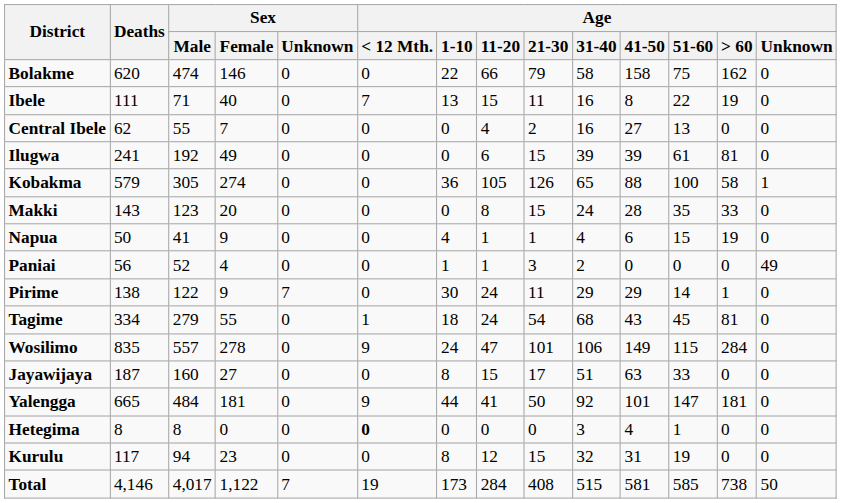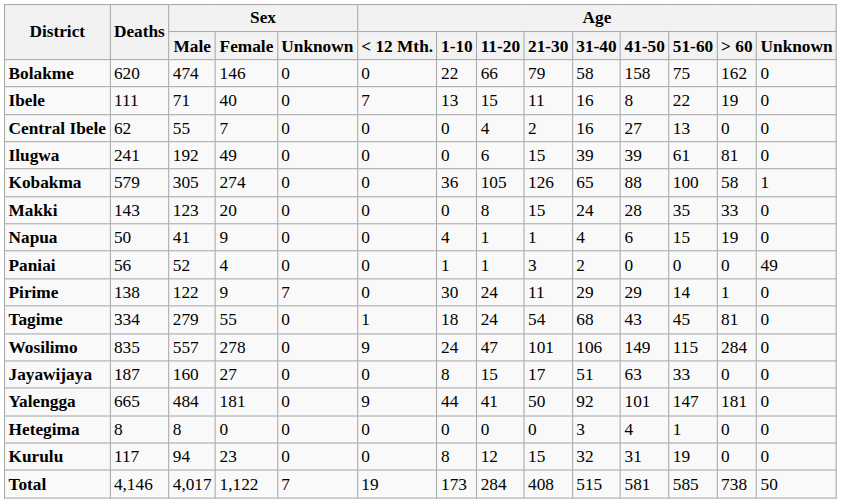 <table class="wikitable">
 <tr>
 <th rowspan="2">District</th>
 <th rowspan="2">Deaths</th>
 <th colspan="3">Sex</th>
 <th colspan="9">Age</th>
 </tr>
 <tr>
 <th>Male</th>
 <th>Female</th>
 <th>Unknown</th>
 <th>< 12 Mth.</th>
 <th>1-10</th>
 <th>11-20</th>
 <th>21-30</th>
 <th>31-40</th>
 <th>41-50</th>
 <th>51-60</th>
 <th>> 60</th>
 <th>Unknown</th>
 </tr>
 <tr>
 <td><strong>Bolakme</strong></td>
 <td>620</td>
 <td>474</td>
 <td>146</td>
 <td>0</td>
 <td>0</td>
 <td>22</td>
 <td>66</td>
 <td>79</td>
 <td>58</td>
 <td>158</td>
 <td>75</td>
 <td>162</td>
 <td>0</td>
 </tr>
 <tr>
 <td><strong>Ibele</strong></td>
 <td>111</td>
 <td>71</td>
 <td>40</td>
 <td>0</td>
 <td>7</td>
 <td>13</td>
 <td>15</td>
 <td>11</td>
 <td>16</td>
 <td>8</td>
 <td>22</td>
 <td>19</td>
 <td>0</td>
 </tr>
 <tr>
 <td><strong>Central Ibele</strong></td>
 <td>62</td>
 <td>55</td>
 <td>7</td>
 <td>0</td>
 <td>0</td>
 <td>0</td>
 <td>4</td>
 <td>2</td>
 <td>16</td>
 <td>27</td>
 <td>13</td>
 <td>0</td>
 <td>0</td>
 </tr>
 <tr>
 <td><strong>Ilugwa</strong></td>
 <td>241</td>
 <td>192</td>
 <td>49</td>
 <td>0</td>
 <td>0</td>
 <td>0</td>
 <td>6</td>
 <td>15</td>
 <td>39</td>
 <td>39</td>
 <td>61</td>
 <td>81</td>
 <td>0</td>
 </tr>
 <tr>
 <td><strong>Kobakma</strong></td>
 <td>579</td>
 <td>305</td>
 <td>274</td>
 <td>0</td>
 <td>0</td>
 <td>36</td>
 <td>105</td>
 <td>126</td>
 <td>65</td>
 <td>88</td>
 <td>100</td>
 <td>58</td>
 <td>1</td>
 </tr>
 <tr>
 <td><strong>Makki</strong></td>
 <td>143</td>
 <td>123</td>
 <td>20</td>
 <td>0</td>
 <td>0</td>
 <td>0</td>
 <td>8</td>
 <td>15</td>
 <td>24</td>
 <td>28</td>
 <td>35</td>
 <td>33</td>
 <td>0</td>
 </tr>
 <tr>
 <td><strong>Napua</strong></td>
 <td>50</td>
 <td>41</td>
 <td>9</td>
 <td>0</td>
 <td>0</td>
 <td>4</td>
 <td>1</td>
 <td>1</td>
 <td>4</td>
 <td>6</td>
 <td>15</td>
 <td>19</td>
 <td>0</td>
 </tr>
 <tr>
 <td><strong>Paniai</strong></td>
 <td>56</td>
 <td>52</td>
 <td>4</td>
 <td>0</td>
 <td>0</td>
 <td>1</td>
 <td>1</td>
 <td>3</td>
 <td>2</td>
 <td>0</td>
 <td>0</td>
 <td>0</td>
 <td>49</td>
 </tr>
 <tr>
 <td><strong>Pirime</strong></td>
 <td>138</td>
 <td>122</td>
 <td>9</td>
 <td>7</td>
 <td>0</td>
 <td>30</td>
 <td>24</td>
 <td>11</td>
 <td>29</td>
 <td>29</td>
 <td>14</td>
 <td>1</td>
 <td>0</td>
 </tr>
 <tr>
 <td><strong>Tagime</strong></td>
 <td>334</td>
 <td>279</td>
 <td>55</td>
 <td>0</td>
 <td>1</td>
 <td>18</td>
 <td>24</td>
 <td>54</td>
 <td>68</td>
 <td>43</td>
 <td>45</td>
 <td>81</td>
 <td>0</td>
 </tr>
 <tr>
 <td><strong>Wosilimo</strong></td>
 <td>835</td>
 <td>557</td>
 <td>278</td>
 <td>0</td>
 <td>9</td>
 <td>24</td>
 <td>47</td>
 <td>101</td>
 <td>106</td>
 <td>149</td>
 <td>115</td>
 <td>284</td>
 <td>0</td>
 </tr>
 <tr>
 <td><strong>Jayawijaya</strong></td>
 <td>187</td>
 <td>160</td>
 <td>27</td>
 <td>0</td>
 <td>0</td>
 <td>8</td>
 <td>15</td>
 <td>17</td>
 <td>51</td>
 <td>63</td>
 <td>33</td>
 <td>0</td>
 <td>0</td>
 </tr>
 <tr>
 <td><strong>Yalengga</strong></td>
 <td>665</td>
 <td>484</td>
 <td>181</td>
 <td>0</td>
 <td>9</td>
 <td>44</td>
 <td>41</td>
 <td>50</td>
 <td>92</td>
 <td>101</td>
 <td>147</td>
 <td>181</td>
 <td>0</td>
 </tr>
 <tr>
 <td><strong>Hetegima</strong></td>
 <td>8</td>
 <td>8</td>
 <td>0</td>
 <td>0</td>
-<td><strong>0</strong></td>
+<td>0</td>
 <td>0</td>
 <td>0</td>
 <td>0</td>
 <td>3</td>
 <td>4</td>
 <td>1</td>
 <td>0</td>
 <td>0</td>
 </tr>
 <tr>
 <td><strong>Kurulu</strong></td>
 <td>117</td>
 <td>94</td>
 <td>23</td>
 <td>0</td>
 <td>0</td>
 <td>8</td>
 <td>12</td>
 <td>15</td>
 <td>32</td>
 <td>31</td>
 <td>19</td>
 <td>0</td>
 <td>0</td>
 </tr>
 <tr>
 <td><strong>Total</strong></td>
 <td>4,146</td>
 <td>4,017</td>
 <td>1,122</td>
 <td>7</td>
 <td>19</td>
 <td>173</td>
 <td>284</td>
 <td>408</td>
 <td>515</td>
 <td>581</td>
 <td>585</td>
 <td>738</td>
 <td>50</td>
 </tr>
 </table>
